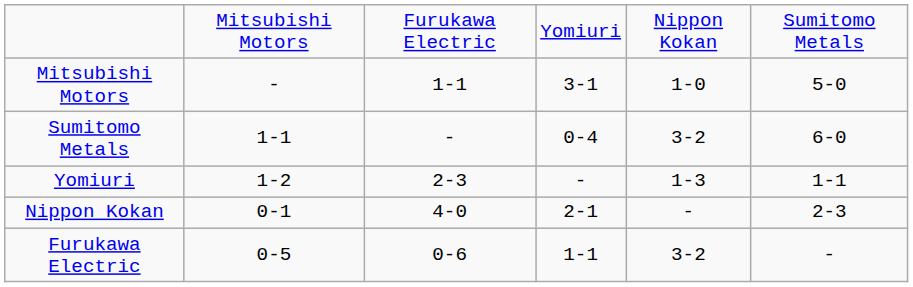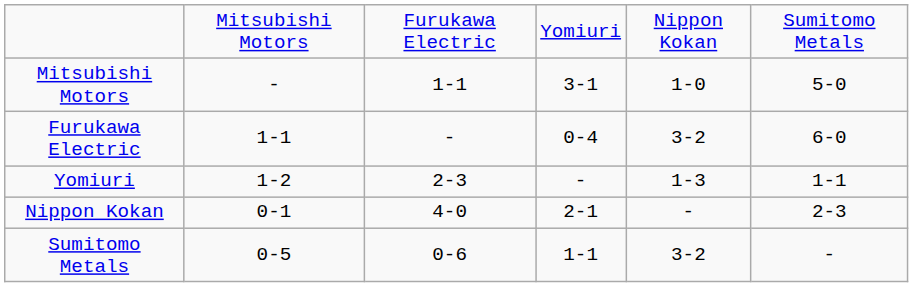 <table class="wikitable">
 <tr align=center>
 <td></td>
 <td><a href='#'>Mitsubishi Motors</a></td>
 <td><a href='#'>Furukawa Electric</a></td>
 <td><a href='#'>Yomiuri</a></td>
 <td><a href='#'>Nippon Kokan</a></td>
 <td><a href='#'>Sumitomo Metals</a></td>
 </tr>
 <tr align=center>
 <td><a href='#'>Mitsubishi Motors</a></td>
 <td>-</td>
 <td>1-1</td>
 <td>3-1</td>
 <td>1-0</td>
 <td>5-0</td>
 </tr>
 <tr align=center>
-<td><a href='#'>Sumitomo Metals</a></td>
+<td><a href='#'>Furukawa Electric</a></td>
 <td>1-1</td>
 <td>-</td>
 <td>0-4</td>
 <td>3-2</td>
 <td>6-0</td>
 </tr>
 <tr align=center>
 <td><a href='#'>Yomiuri</a></td>
 <td>1-2</td>
 <td>2-3</td>
 <td>-</td>
 <td>1-3</td>
 <td>1-1</td>
 </tr>
 <tr align=center>
 <td><a href='#'>Nippon Kokan</a></td>
 <td>0-1</td>
 <td>4-0</td>
 <td>2-1</td>
 <td>-</td>
 <td>2-3</td>
 </tr>
 <tr align=center>
-<td><a href='#'>Furukawa Electric</a></td>
+<td><a href='#'>Sumitomo Metals</a></td>
 <td>0-5</td>
 <td>0-6</td>
 <td>1-1</td>
 <td>3-2</td>
 <td>-</td>
 </tr>
 </table>
